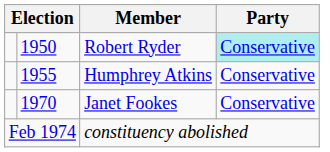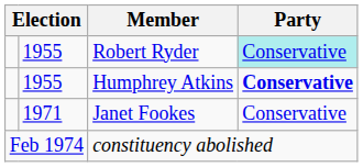 <table class="wikitable">
 <tr>
 <th colspan="2">Election</th>
 <th>Member</th>
 <th>Party</th>
 </tr>
 <tr>
 <td style="color:inherit;background-color: "></td>
-<td><a href='#'>1950</a></td>
+<td><a href='#'>1955</a></td>
 <td><a href='#'>Robert Ryder</a></td>
 <td style="background: paleturquoise;"><a href='#'>Conservative</a></td>
 </tr>
 <tr>
 <td style="color:inherit;background-color: "></td>
 <td><a href='#'>1955</a></td>
 <td><a href='#'>Humphrey Atkins</a></td>
-<td><a href='#'>Conservative</a></td>
+<td><strong><a href='#'>Conservative</a></strong></td>
 </tr>
 <tr>
 <td style="color:inherit;background-color: "></td>
-<td><a href='#'>1970</a></td>
+<td><a href='#'>1971</a></td>
 <td><a href='#'>Janet Fookes</a></td>
 <td><a href='#'>Conservative</a></td>
 </tr>
 <tr>
 <td colspan="2" align="center"><a href='#'>Feb 1974</a></td>
 <td colspan="2"><em>constituency abolished</em></td>
 </tr>
 </table>
